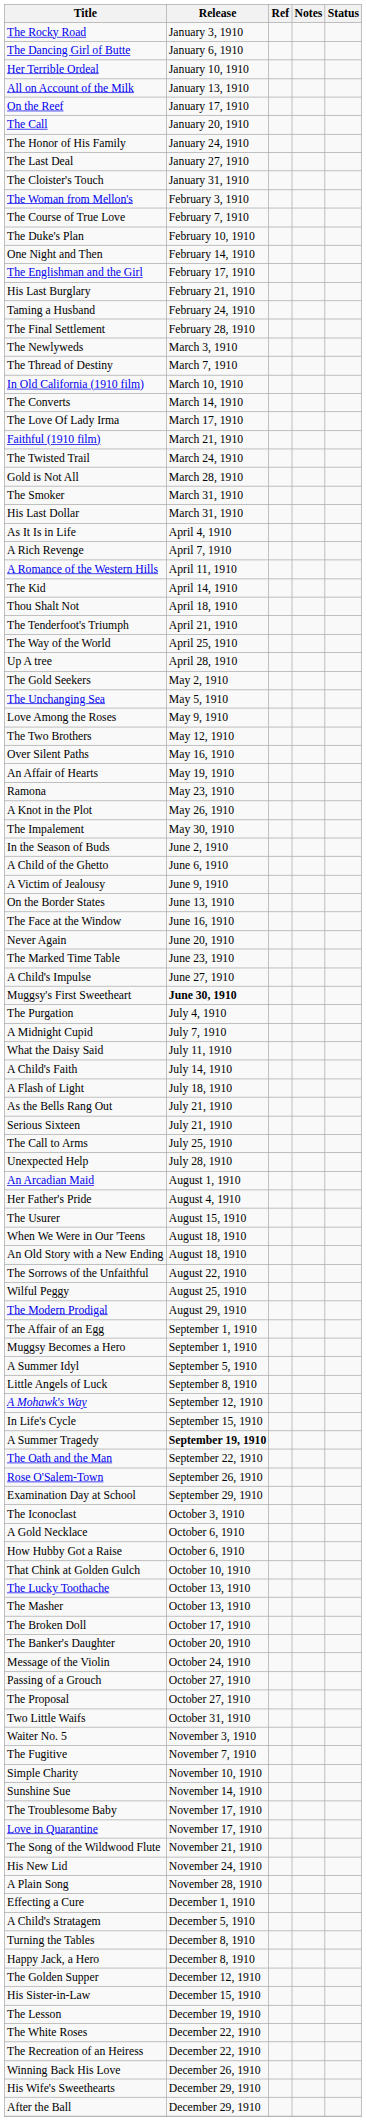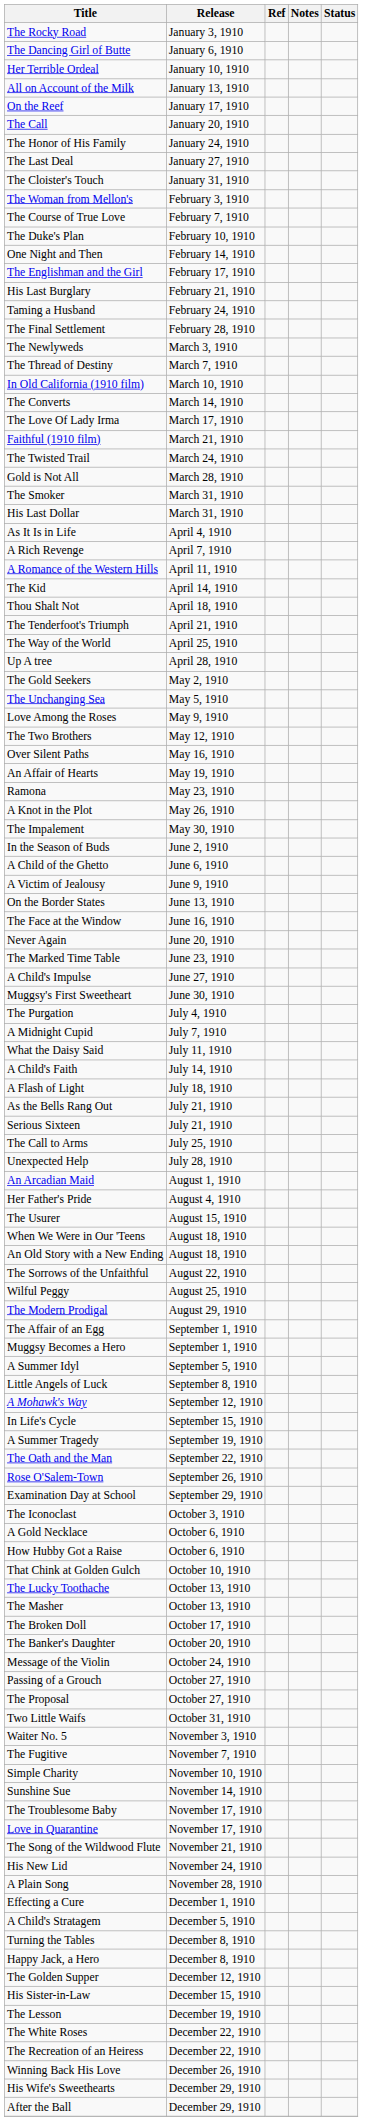 <table class="wikitable sortable">
 <tr>
 <th scope="col">Title</th>
 <th scope="col">Release</th>
 <th scope=>Ref</th>
 <th scope="col" class="unsortable">Notes</th>
 <th scope="col">Status</th>
 </tr>
 <tr>
 <td><a href='#'>The Rocky Road</a></td>
 <td>January 3, 1910</td>
 <td></td>
 <td></td>
 <td></td>
 </tr>
 <tr>
 <td><a href='#'>The Dancing Girl of Butte</a></td>
 <td>January 6, 1910</td>
 <td></td>
 <td></td>
 <td></td>
 </tr>
 <tr>
 <td><a href='#'>Her Terrible Ordeal</a></td>
 <td>January 10, 1910</td>
 <td></td>
 <td></td>
 <td></td>
 </tr>
 <tr>
 <td><a href='#'>All on Account of the Milk</a></td>
 <td>January 13, 1910</td>
 <td></td>
 <td></td>
 <td></td>
 </tr>
 <tr>
 <td><a href='#'>On the Reef</a></td>
 <td>January 17, 1910</td>
 <td></td>
 <td></td>
 <td></td>
 </tr>
 <tr>
 <td><a href='#'>The Call</a></td>
 <td>January 20, 1910</td>
 <td></td>
 <td></td>
 <td></td>
 </tr>
 <tr>
 <td>The Honor of His Family</td>
 <td>January 24, 1910</td>
 <td></td>
 <td></td>
 <td></td>
 </tr>
 <tr>
 <td>The Last Deal</td>
 <td>January 27, 1910</td>
 <td></td>
 <td></td>
 <td></td>
 </tr>
 <tr>
 <td>The Cloister's Touch</td>
 <td>January 31, 1910</td>
 <td></td>
 <td></td>
 <td></td>
 </tr>
 <tr>
 <td><a href='#'>The Woman from Mellon's</a></td>
 <td>February 3, 1910</td>
 <td></td>
 <td></td>
 <td></td>
 </tr>
 <tr>
 <td>The Course of True Love</td>
 <td>February 7, 1910</td>
 <td></td>
 <td></td>
 <td></td>
 </tr>
 <tr>
 <td>The Duke's Plan</td>
 <td>February 10, 1910</td>
 <td></td>
 <td></td>
 <td></td>
 </tr>
 <tr>
 <td>One Night and Then</td>
 <td>February 14, 1910</td>
 <td></td>
 <td></td>
 <td></td>
 </tr>
 <tr>
 <td><a href='#'>The Englishman and the Girl</a></td>
 <td>February 17, 1910</td>
 <td></td>
 <td></td>
 <td></td>
 </tr>
 <tr>
 <td>His Last Burglary</td>
 <td>February 21, 1910</td>
 <td></td>
 <td></td>
 <td></td>
 </tr>
 <tr>
 <td>Taming a Husband</td>
 <td>February 24, 1910</td>
 <td></td>
 <td></td>
 <td></td>
 </tr>
 <tr>
 <td>The Final Settlement</td>
 <td>February 28, 1910</td>
 <td></td>
 <td></td>
 <td></td>
 </tr>
 <tr>
 <td>The Newlyweds</td>
 <td>March 3, 1910</td>
 <td></td>
 <td></td>
 <td></td>
 </tr>
 <tr>
 <td>The Thread of Destiny</td>
 <td>March 7, 1910</td>
 <td></td>
 <td></td>
 <td></td>
 </tr>
 <tr>
 <td><a href='#'>In Old California (1910 film)</a></td>
 <td>March 10, 1910</td>
 <td></td>
 <td></td>
 <td></td>
 </tr>
 <tr>
 <td>The Converts</td>
 <td>March 14, 1910</td>
 <td></td>
 <td></td>
 <td></td>
 </tr>
 <tr>
 <td>The Love Of Lady Irma</td>
 <td>March 17, 1910</td>
 <td></td>
 <td></td>
 <td></td>
 </tr>
 <tr>
 <td><a href='#'>Faithful (1910 film)</a></td>
 <td>March 21, 1910</td>
 <td></td>
 <td></td>
 <td></td>
 </tr>
 <tr>
 <td>The Twisted Trail</td>
 <td>March 24, 1910</td>
 <td></td>
 <td></td>
 <td></td>
 </tr>
 <tr>
 <td>Gold is Not All</td>
 <td>March 28, 1910</td>
 <td></td>
 <td></td>
 <td></td>
 </tr>
 <tr>
 <td>The Smoker</td>
 <td>March 31, 1910</td>
 <td></td>
 <td></td>
 <td></td>
 </tr>
 <tr>
 <td>His Last Dollar</td>
 <td>March 31, 1910</td>
 <td></td>
 <td></td>
 <td></td>
 </tr>
 <tr>
 <td>As It Is in Life</td>
 <td>April 4, 1910</td>
 <td></td>
 <td></td>
 <td></td>
 </tr>
 <tr>
 <td>A Rich Revenge</td>
 <td>April 7, 1910</td>
 <td></td>
 <td></td>
 <td></td>
 </tr>
 <tr>
 <td><a href='#'>A Romance of the Western Hills</a></td>
 <td>April 11, 1910</td>
 <td></td>
 <td></td>
 <td></td>
 </tr>
 <tr>
 <td>The Kid</td>
 <td>April 14, 1910</td>
 <td></td>
 <td></td>
 <td></td>
 </tr>
 <tr>
 <td>Thou Shalt Not</td>
 <td>April 18, 1910</td>
 <td></td>
 <td></td>
 <td></td>
 </tr>
 <tr>
 <td>The Tenderfoot's Triumph</td>
 <td>April 21, 1910</td>
 <td></td>
 <td></td>
 <td></td>
 </tr>
 <tr>
 <td>The Way of the World</td>
 <td>April 25, 1910</td>
 <td></td>
 <td></td>
 <td></td>
 </tr>
 <tr>
 <td>Up A tree</td>
 <td>April 28, 1910</td>
 <td></td>
 <td></td>
 <td></td>
 </tr>
 <tr>
 <td>The Gold Seekers</td>
 <td>May 2, 1910</td>
 <td></td>
 <td></td>
 <td></td>
 </tr>
 <tr>
 <td><a href='#'>The Unchanging Sea</a></td>
 <td>May 5, 1910</td>
 <td></td>
 <td></td>
 <td></td>
 </tr>
 <tr>
 <td>Love Among the Roses</td>
 <td>May 9, 1910</td>
 <td></td>
 <td></td>
 <td></td>
 </tr>
 <tr>
 <td>The Two Brothers</td>
 <td>May 12, 1910</td>
 <td></td>
 <td></td>
 <td></td>
 </tr>
 <tr>
 <td>Over Silent Paths</td>
 <td>May 16, 1910</td>
 <td></td>
 <td></td>
 <td></td>
 </tr>
 <tr>
 <td>An Affair of Hearts</td>
 <td>May 19, 1910</td>
 <td></td>
 <td></td>
 <td></td>
 </tr>
 <tr>
 <td>Ramona</td>
 <td>May 23, 1910</td>
 <td></td>
 <td></td>
 <td></td>
 </tr>
 <tr>
 <td>A Knot in the Plot</td>
 <td>May 26, 1910</td>
 <td></td>
 <td></td>
 <td></td>
 </tr>
 <tr>
 <td>The Impalement</td>
 <td>May 30, 1910</td>
 <td></td>
 <td></td>
 <td></td>
 </tr>
 <tr>
 <td>In the Season of Buds</td>
 <td>June 2, 1910</td>
 <td></td>
 <td></td>
 <td></td>
 </tr>
 <tr>
 <td>A Child of the Ghetto</td>
 <td>June 6, 1910</td>
 <td></td>
 <td></td>
 <td></td>
 </tr>
 <tr>
 <td>A Victim of Jealousy</td>
 <td>June 9, 1910</td>
 <td></td>
 <td></td>
 <td></td>
 </tr>
 <tr>
 <td>On the Border States</td>
 <td>June 13, 1910</td>
 <td></td>
 <td></td>
 <td></td>
 </tr>
 <tr>
 <td>The Face at the Window</td>
 <td>June 16, 1910</td>
 <td></td>
 <td></td>
 <td></td>
 </tr>
 <tr>
 <td>Never Again</td>
 <td>June 20, 1910</td>
 <td></td>
 <td></td>
 <td></td>
 </tr>
 <tr>
 <td>The Marked Time Table</td>
 <td>June 23, 1910</td>
 <td></td>
 <td></td>
 <td></td>
 </tr>
 <tr>
 <td>A Child's Impulse</td>
 <td>June 27, 1910</td>
 <td></td>
 <td></td>
 <td></td>
 </tr>
 <tr>
 <td>Muggsy's First Sweetheart</td>
-<td><strong>June 30, 1910</strong></td>
+<td>June 30, 1910</td>
 <td></td>
 <td></td>
 <td></td>
 </tr>
 <tr>
 <td>The Purgation</td>
 <td>July 4, 1910</td>
 <td></td>
 <td></td>
 <td></td>
 </tr>
 <tr>
 <td>A Midnight Cupid</td>
 <td>July 7, 1910</td>
 <td></td>
 <td></td>
 <td></td>
 </tr>
 <tr>
 <td>What the Daisy Said</td>
 <td>July 11, 1910</td>
 <td></td>
 <td></td>
 <td></td>
 </tr>
 <tr>
 <td>A Child's Faith</td>
 <td>July 14, 1910</td>
 <td></td>
 <td></td>
 <td></td>
 </tr>
 <tr>
 <td>A Flash of Light</td>
 <td>July 18, 1910</td>
 <td></td>
 <td></td>
 <td></td>
 </tr>
 <tr>
 <td>As the Bells Rang Out</td>
 <td>July 21, 1910</td>
 <td></td>
 <td></td>
 <td></td>
 </tr>
 <tr>
 <td>Serious Sixteen</td>
 <td>July 21, 1910</td>
 <td></td>
 <td></td>
 <td></td>
 </tr>
 <tr>
 <td>The Call to Arms</td>
 <td>July 25, 1910</td>
 <td></td>
 <td></td>
 <td></td>
 </tr>
 <tr>
 <td>Unexpected Help</td>
 <td>July 28, 1910</td>
 <td></td>
 <td></td>
 <td></td>
 </tr>
 <tr>
 <td><a href='#'>An Arcadian Maid</a></td>
 <td>August 1, 1910</td>
 <td></td>
 <td></td>
 <td></td>
 </tr>
 <tr>
 <td>Her Father's Pride</td>
 <td>August 4, 1910</td>
 <td></td>
 <td></td>
 <td></td>
 </tr>
 <tr>
 <td>The Usurer</td>
 <td>August 15, 1910</td>
 <td></td>
 <td></td>
 <td></td>
 </tr>
 <tr>
 <td>When We Were in Our 'Teens</td>
 <td>August 18, 1910</td>
 <td></td>
 <td></td>
 <td></td>
 </tr>
 <tr>
 <td>An Old Story with a New Ending</td>
 <td>August 18, 1910</td>
 <td></td>
 <td></td>
 <td></td>
 </tr>
 <tr>
 <td>The Sorrows of the Unfaithful</td>
 <td>August 22, 1910</td>
 <td></td>
 <td></td>
 <td></td>
 </tr>
 <tr>
 <td>Wilful Peggy</td>
 <td>August 25, 1910</td>
 <td></td>
 <td></td>
 <td></td>
 </tr>
 <tr>
 <td><a href='#'>The Modern Prodigal</a></td>
 <td>August 29, 1910</td>
 <td></td>
 <td></td>
 <td></td>
 </tr>
 <tr>
 <td>The Affair of an Egg</td>
 <td>September 1, 1910</td>
 <td></td>
 <td></td>
 <td></td>
 </tr>
 <tr>
 <td>Muggsy Becomes a Hero</td>
 <td>September 1, 1910</td>
 <td></td>
 <td></td>
 <td></td>
 </tr>
 <tr>
 <td>A Summer Idyl</td>
 <td>September 5, 1910</td>
 <td></td>
 <td></td>
 <td></td>
 </tr>
 <tr>
 <td>Little Angels of Luck</td>
 <td>September 8, 1910</td>
 <td></td>
 <td></td>
 <td></td>
 </tr>
 <tr>
 <td><em><a href='#'>A Mohawk's Way</a></em></td>
 <td>September 12, 1910</td>
 <td></td>
 <td></td>
 <td></td>
 </tr>
 <tr>
 <td>In Life's Cycle</td>
 <td>September 15, 1910</td>
 <td></td>
 <td></td>
 <td></td>
 </tr>
 <tr>
 <td>A Summer Tragedy</td>
-<td><strong>September 19, 1910</strong></td>
+<td>September 19, 1910</td>
 <td></td>
 <td></td>
 <td></td>
 </tr>
 <tr>
 <td><a href='#'>The Oath and the Man</a></td>
 <td>September 22, 1910</td>
 <td></td>
 <td></td>
 <td></td>
 </tr>
 <tr>
 <td><a href='#'>Rose O'Salem-Town</a></td>
 <td>September 26, 1910</td>
 <td></td>
 <td></td>
 <td></td>
 </tr>
 <tr>
 <td>Examination Day at School</td>
 <td>September 29, 1910</td>
 <td></td>
 <td></td>
 <td></td>
 </tr>
 <tr>
 <td>The Iconoclast</td>
 <td>October 3, 1910</td>
 <td></td>
 <td></td>
 <td></td>
 </tr>
 <tr>
 <td>A Gold Necklace</td>
 <td>October 6, 1910</td>
 <td></td>
 <td></td>
 <td></td>
 </tr>
 <tr>
 <td>How Hubby Got a Raise</td>
 <td>October 6, 1910</td>
 <td></td>
 <td></td>
 <td></td>
 </tr>
 <tr>
 <td>That Chink at Golden Gulch</td>
 <td>October 10, 1910</td>
 <td></td>
 <td></td>
 <td></td>
 </tr>
 <tr>
 <td><a href='#'>The Lucky Toothache</a></td>
 <td>October 13, 1910</td>
 <td></td>
 <td></td>
 <td></td>
 </tr>
 <tr>
 <td>The Masher</td>
 <td>October 13, 1910</td>
 <td></td>
 <td></td>
 <td></td>
 </tr>
 <tr>
 <td>The Broken Doll</td>
 <td>October 17, 1910</td>
 <td></td>
 <td></td>
 <td></td>
 </tr>
 <tr>
 <td>The Banker's Daughter</td>
 <td>October 20, 1910</td>
 <td></td>
 <td></td>
 <td></td>
 </tr>
 <tr>
 <td>Message of the Violin</td>
 <td>October 24, 1910</td>
 <td></td>
 <td></td>
 <td></td>
 </tr>
 <tr>
 <td>Passing of a Grouch</td>
 <td>October 27, 1910</td>
 <td></td>
 <td></td>
 <td></td>
 </tr>
 <tr>
 <td>The Proposal</td>
 <td>October 27, 1910</td>
 <td></td>
 <td></td>
 <td></td>
 </tr>
 <tr>
 <td>Two Little Waifs</td>
 <td>October 31, 1910</td>
 <td></td>
 <td></td>
 <td></td>
 </tr>
 <tr>
 <td>Waiter No. 5</td>
 <td>November 3, 1910</td>
 <td></td>
 <td></td>
 <td></td>
 </tr>
 <tr>
 <td>The Fugitive</td>
 <td>November 7, 1910</td>
 <td></td>
 <td></td>
 <td></td>
 </tr>
 <tr>
 <td>Simple Charity</td>
 <td>November 10, 1910</td>
 <td></td>
 <td></td>
 <td></td>
 </tr>
 <tr>
 <td>Sunshine Sue</td>
 <td>November 14, 1910</td>
 <td></td>
 <td></td>
 <td></td>
 </tr>
 <tr>
 <td>The Troublesome Baby</td>
 <td>November 17, 1910</td>
 <td></td>
 <td></td>
 <td></td>
 </tr>
 <tr>
 <td><a href='#'>Love in Quarantine</a></td>
 <td>November 17, 1910</td>
 <td></td>
 <td></td>
 <td></td>
 </tr>
 <tr>
 <td>The Song of the Wildwood Flute</td>
 <td>November 21, 1910</td>
 <td></td>
 <td></td>
 <td></td>
 </tr>
 <tr>
 <td>His New Lid</td>
 <td>November 24, 1910</td>
 <td></td>
 <td></td>
 <td></td>
 </tr>
 <tr>
 <td>A Plain Song</td>
 <td>November 28, 1910</td>
 <td></td>
 <td></td>
 <td></td>
 </tr>
 <tr>
 <td>Effecting a Cure</td>
 <td>December 1, 1910</td>
 <td></td>
 <td></td>
 <td></td>
 </tr>
 <tr>
 <td>A Child's Stratagem</td>
 <td>December 5, 1910</td>
 <td></td>
 <td></td>
 <td></td>
 </tr>
 <tr>
 <td>Turning the Tables</td>
 <td>December 8, 1910</td>
 <td></td>
 <td></td>
 <td></td>
 </tr>
 <tr>
 <td>Happy Jack, a Hero</td>
 <td>December 8, 1910</td>
 <td></td>
 <td></td>
 <td></td>
 </tr>
 <tr>
 <td>The Golden Supper</td>
 <td>December 12, 1910</td>
 <td></td>
 <td></td>
 <td></td>
 </tr>
 <tr>
 <td>His Sister-in-Law</td>
 <td>December 15, 1910</td>
 <td></td>
 <td></td>
 <td></td>
 </tr>
 <tr>
 <td>The Lesson</td>
 <td>December 19, 1910</td>
 <td></td>
 <td></td>
 <td></td>
 </tr>
 <tr>
 <td>The White Roses</td>
 <td>December 22, 1910</td>
 <td></td>
 <td></td>
 <td></td>
 </tr>
 <tr>
 <td>The Recreation of an Heiress</td>
 <td>December 22, 1910</td>
 <td></td>
 <td></td>
 <td></td>
 </tr>
 <tr>
 <td>Winning Back His Love</td>
 <td>December 26, 1910</td>
 <td></td>
 <td></td>
 <td></td>
 </tr>
 <tr>
 <td>His Wife's Sweethearts</td>
 <td>December 29, 1910</td>
 <td></td>
 <td></td>
 <td></td>
 </tr>
 <tr>
 <td>After the Ball</td>
 <td>December 29, 1910</td>
 <td></td>
 <td></td>
 <td></td>
 </tr>
 <tr>
 </tr>
 </table>
